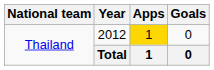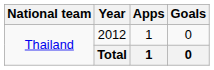 <table class="wikitable" style="text-align:center">
 <tr>
 <th>National team</th>
 <th>Year</th>
 <th>Apps</th>
 <th>Goals</th>
 </tr>
 <tr>
 <td rowspan="2" valign="center"><a href='#'>Thailand</a></td>
 <td>2012</td>
-<td style="background: gold;">1</td>
+<td>1</td>
 <td>0</td>
 </tr>
 <tr>
 <th>Total</th>
 <th>1</th>
 <th>0</th>
 </tr>
 </table>
